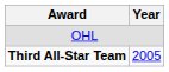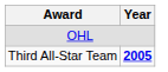 <table class="wikitable">
 <tr>
 <th>Award</th>
 <th>Year</th>
 </tr>
 <tr ALIGN="center" bgcolor="#e0e0e0">
 <td colspan="3"><a href='#'>OHL</a></td>
 </tr>
 <tr>
-<td><strong>Third All-Star Team</strong></td>
-<td><a href='#'>2005</a></td>
+<td>Third All-Star Team</td>
+<td><strong><a href='#'>2005</a></strong></td>
 </tr>
 </table>
